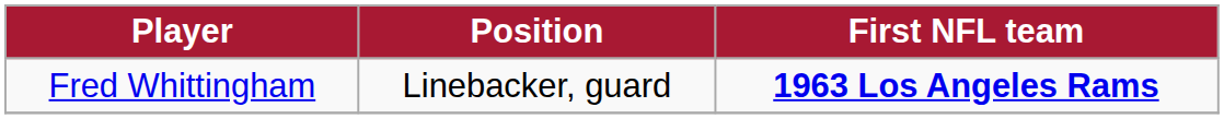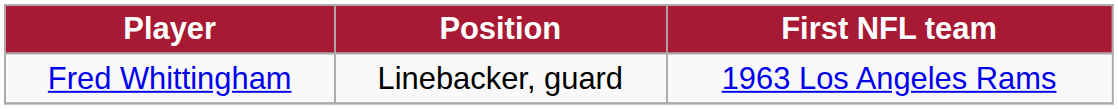 <table class="wikitable" width="65%">
 <tr align="center"  style="background:#A81933;color:#FFFFFF;">
 <td><strong>Player</strong></td>
 <td><strong>Position</strong></td>
 <td><strong>First NFL team</strong></td>
 </tr>
 <tr align="center" bgcolor="">
 <td><a href='#'>Fred Whittingham</a></td>
 <td>Linebacker, guard</td>
-<td><strong><a href='#'>1963 Los Angeles Rams</a></strong></td>
+<td><a href='#'>1963 Los Angeles Rams</a></td>
 </tr>
 <tr align="center" bgcolor="">
 </tr>
 </table>
